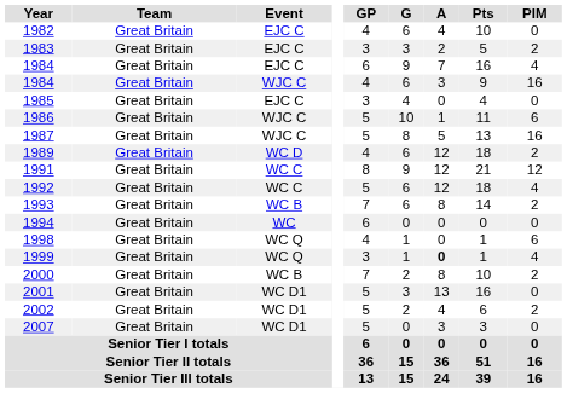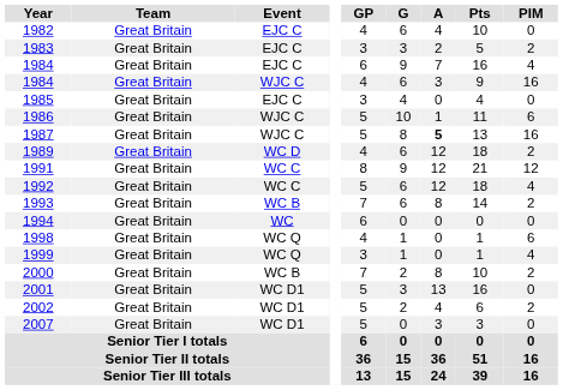 <table border="0" cellpadding="1" cellspacing="0" style="text-align:center; width:40em">
 <tr ALIGN="center" bgcolor="#e0e0e0">
 <th>Year</th>
 <th>Team</th>
 <th>Event</th>
 <th rowspan="99" bgcolor="#ffffff"> </th>
 <th>GP</th>
 <th>G</th>
 <th>A</th>
 <th>Pts</th>
 <th>PIM</th>
 </tr>
 <tr>
 <td><a href='#'>1982</a></td>
 <td><a href='#'>Great Britain</a></td>
 <td><a href='#'>EJC C</a></td>
 <td>4</td>
 <td>6</td>
 <td>4</td>
 <td>10</td>
 <td>0</td>
 </tr>
 <tr bgcolor="#f0f0f0">
 <td><a href='#'>1983</a></td>
 <td>Great Britain</td>
 <td>EJC C</td>
 <td>3</td>
 <td>3</td>
 <td>2</td>
 <td>5</td>
 <td>2</td>
 </tr>
 <tr>
 <td><a href='#'>1984</a></td>
 <td>Great Britain</td>
 <td>EJC C</td>
 <td>6</td>
 <td>9</td>
 <td>7</td>
 <td>16</td>
 <td>4</td>
 </tr>
 <tr bgcolor="#f0f0f0">
 <td><a href='#'>1984</a></td>
 <td><a href='#'>Great Britain</a></td>
 <td><a href='#'>WJC C</a></td>
 <td>4</td>
 <td>6</td>
 <td>3</td>
 <td>9</td>
 <td>16</td>
 </tr>
 <tr>
 <td><a href='#'>1985</a></td>
 <td>Great Britain</td>
 <td>EJC C</td>
 <td>3</td>
 <td>4</td>
 <td>0</td>
 <td>4</td>
 <td>0</td>
 </tr>
 <tr bgcolor="#f0f0f0">
 <td><a href='#'>1986</a></td>
 <td>Great Britain</td>
 <td>WJC C</td>
 <td>5</td>
 <td>10</td>
 <td>1</td>
 <td>11</td>
 <td>6</td>
 </tr>
 <tr>
 <td><a href='#'>1987</a></td>
 <td>Great Britain</td>
 <td>WJC C</td>
 <td>5</td>
 <td>8</td>
-<td>5</td>
+<td><strong>5</strong></td>
 <td>13</td>
 <td>16</td>
 </tr>
 <tr bgcolor="#f0f0f0">
 <td><a href='#'>1989</a></td>
 <td><a href='#'>Great Britain</a></td>
 <td><a href='#'>WC D</a></td>
 <td>4</td>
 <td>6</td>
 <td>12</td>
 <td>18</td>
 <td>2</td>
 </tr>
 <tr>
 <td><a href='#'>1991</a></td>
 <td>Great Britain</td>
 <td><a href='#'>WC C</a></td>
 <td>8</td>
 <td>9</td>
 <td>12</td>
 <td>21</td>
 <td>12</td>
 </tr>
 <tr bgcolor="#f0f0f0">
 <td><a href='#'>1992</a></td>
 <td>Great Britain</td>
 <td>WC C</td>
 <td>5</td>
 <td>6</td>
 <td>12</td>
 <td>18</td>
 <td>4</td>
 </tr>
 <tr>
 <td><a href='#'>1993</a></td>
 <td>Great Britain</td>
 <td><a href='#'>WC B</a></td>
 <td>7</td>
 <td>6</td>
 <td>8</td>
 <td>14</td>
 <td>2</td>
 </tr>
 <tr bgcolor="#f0f0f0">
 <td><a href='#'>1994</a></td>
 <td>Great Britain</td>
 <td><a href='#'>WC</a></td>
 <td>6</td>
 <td>0</td>
 <td>0</td>
 <td>0</td>
 <td>0</td>
 </tr>
 <tr>
 <td><a href='#'>1998</a></td>
 <td>Great Britain</td>
 <td>WC Q</td>
 <td>4</td>
 <td>1</td>
 <td>0</td>
 <td>1</td>
 <td>6</td>
 </tr>
 <tr bgcolor="#f0f0f0">
 <td><a href='#'>1999</a></td>
 <td>Great Britain</td>
 <td>WC Q</td>
 <td>3</td>
 <td>1</td>
-<td><strong>0</strong></td>
+<td>0</td>
 <td>1</td>
 <td>4</td>
 </tr>
 <tr>
 <td><a href='#'>2000</a></td>
 <td>Great Britain</td>
 <td>WC B</td>
 <td>7</td>
 <td>2</td>
 <td>8</td>
 <td>10</td>
 <td>2</td>
 </tr>
 <tr bgcolor="#f0f0f0">
 <td><a href='#'>2001</a></td>
 <td>Great Britain</td>
 <td>WC D1</td>
 <td>5</td>
 <td>3</td>
 <td>13</td>
 <td>16</td>
 <td>0</td>
 </tr>
 <tr>
 <td><a href='#'>2002</a></td>
 <td>Great Britain</td>
 <td>WC D1</td>
 <td>5</td>
 <td>2</td>
 <td>4</td>
 <td>6</td>
 <td>2</td>
 </tr>
 <tr bgcolor="#f0f0f0">
 <td><a href='#'>2007</a></td>
 <td>Great Britain</td>
 <td>WC D1</td>
 <td>5</td>
 <td>0</td>
 <td>3</td>
 <td>3</td>
 <td>0</td>
 </tr>
 <tr bgcolor="#e0e0e0">
 <th colspan=3>Senior Tier I totals</th>
 <th>6</th>
 <th>0</th>
 <th>0</th>
 <th>0</th>
 <th>0</th>
 </tr>
 <tr bgcolor="#e0e0e0">
 <th colspan=3>Senior Tier II totals</th>
 <th>36</th>
 <th>15</th>
 <th>36</th>
 <th>51</th>
 <th>16</th>
 </tr>
 <tr bgcolor="#e0e0e0">
 <th colspan=3>Senior Tier III totals</th>
 <th>13</th>
 <th>15</th>
 <th>24</th>
 <th>39</th>
 <th>16</th>
 </tr>
 </table>
